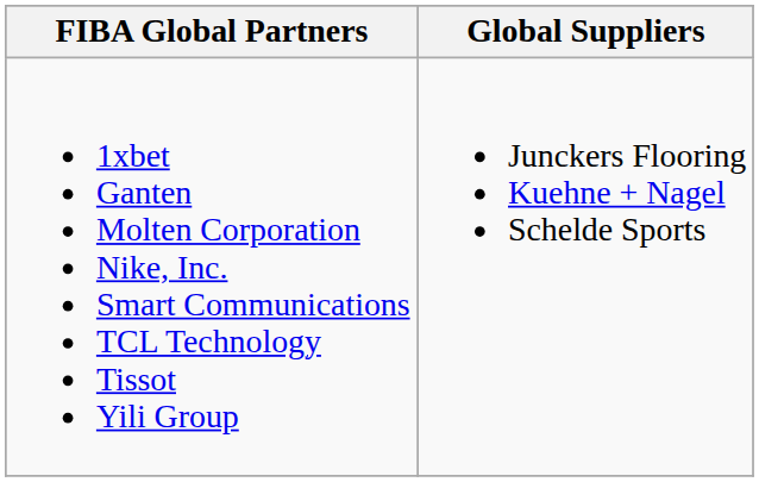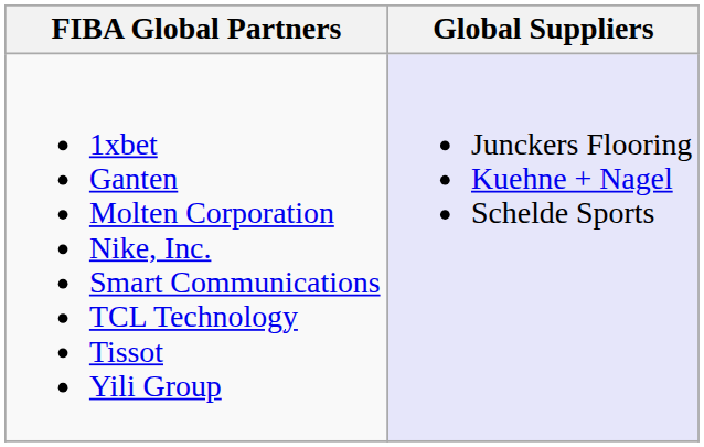 <table class="wikitable">
 <tr>
 <th>FIBA Global Partners</th>
 <th>Global Suppliers</th>
 </tr>
 <tr>
 <td style="vertical-align:top;"><br><ul><li><a href='#'>1xbet</a></li><li><a href='#'>Ganten</a></li><li><a href='#'>Molten Corporation</a></li><li><a href='#'>Nike, Inc.</a></li><li><a href='#'>Smart Communications</a></li><li><a href='#'>TCL Technology</a></li><li><a href='#'>Tissot</a></li><li><a href='#'>Yili Group</a></li></ul></td>
-<td style="vertical-align:top;"><br><ul><li>Junckers Flooring</li><li><a href='#'>Kuehne + Nagel</a></li><li>Schelde Sports</li></ul></td>
+<td style="background: lavender; vertical-align:top;"><br><ul><li>Junckers Flooring</li><li><a href='#'>Kuehne + Nagel</a></li><li>Schelde Sports</li></ul></td>
 </tr>
 </table>
